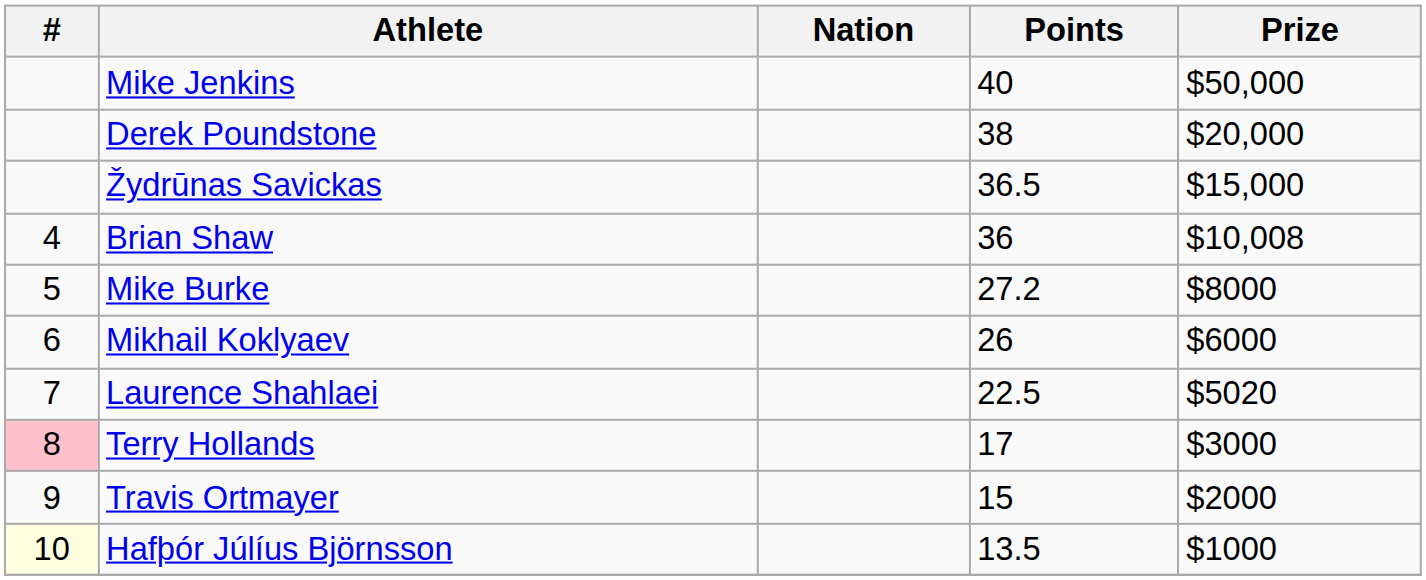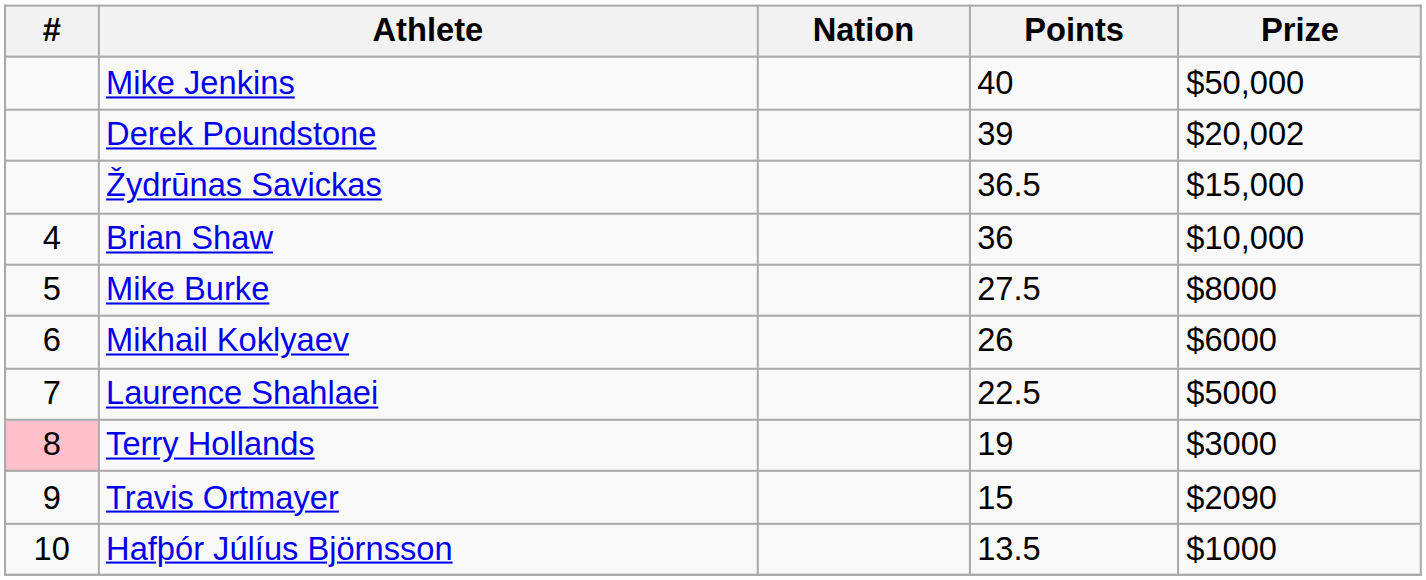 <table class="wikitable" style="display: inline-table;width: 55%;">
 <tr>
 <th scope="col">#</th>
 <th scope="col">Athlete</th>
 <th scope="col">Nation</th>
 <th scope="col">Points</th>
 <th scope="col">Prize</th>
 </tr>
 <tr>
 <td align="center"></td>
 <td><a href='#'>Mike Jenkins</a></td>
 <td></td>
 <td>40</td>
 <td>$50,000</td>
 </tr>
 <tr>
 <td align="center"></td>
 <td><a href='#'>Derek Poundstone</a></td>
 <td></td>
-<td>38</td>
-<td>$20,000</td>
+<td>39</td>
+<td>$20,002</td>
 </tr>
 <tr>
 <td align="center"></td>
 <td><a href='#'>Žydrūnas Savickas</a></td>
 <td></td>
 <td>36.5</td>
 <td>$15,000</td>
 </tr>
 <tr>
 <td align="center">4</td>
 <td><a href='#'>Brian Shaw</a></td>
 <td></td>
 <td>36</td>
-<td>$10,008</td>
+<td>$10,000</td>
 </tr>
 <tr>
 <td align="center">5</td>
 <td><a href='#'>Mike Burke</a></td>
 <td></td>
-<td>27.2</td>
+<td>27.5</td>
 <td>$8000</td>
 </tr>
 <tr>
 <td align="center">6</td>
 <td><a href='#'>Mikhail Koklyaev</a></td>
 <td></td>
 <td>26</td>
 <td>$6000</td>
 </tr>
 <tr>
 <td align="center">7</td>
 <td><a href='#'>Laurence Shahlaei</a></td>
 <td></td>
 <td>22.5</td>
-<td>$5020</td>
+<td>$5000</td>
 </tr>
 <tr>
 <td align="center" style="background: pink;">8</td>
 <td><a href='#'>Terry Hollands</a></td>
 <td></td>
-<td>17</td>
+<td>19</td>
 <td>$3000</td>
 </tr>
 <tr>
 <td align="center">9</td>
 <td><a href='#'>Travis Ortmayer</a></td>
 <td></td>
 <td>15</td>
-<td>$2000</td>
+<td>$2090</td>
 </tr>
 <tr>
-<td align="center" style="background: lightyellow;">10</td>
+<td align="center">10</td>
 <td><a href='#'>Hafþór Júlíus Björnsson</a></td>
 <td></td>
 <td>13.5</td>
 <td>$1000</td>
 </tr>
 <tr>
 </tr>
 </table>
